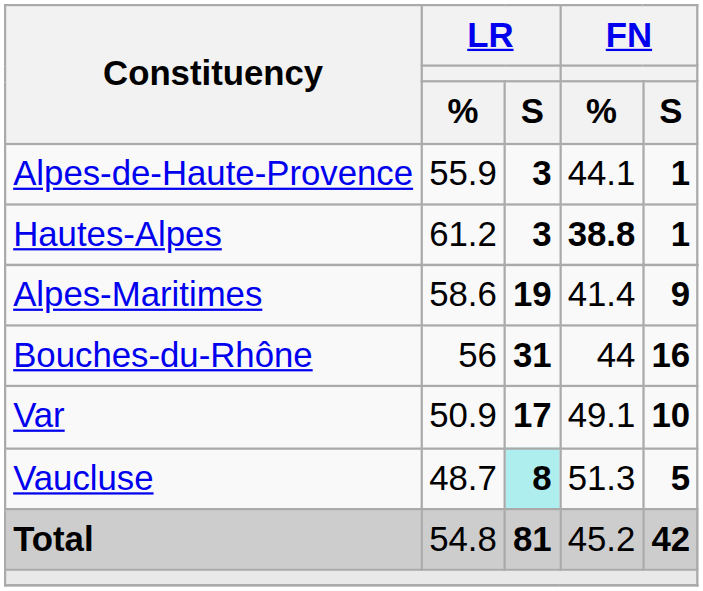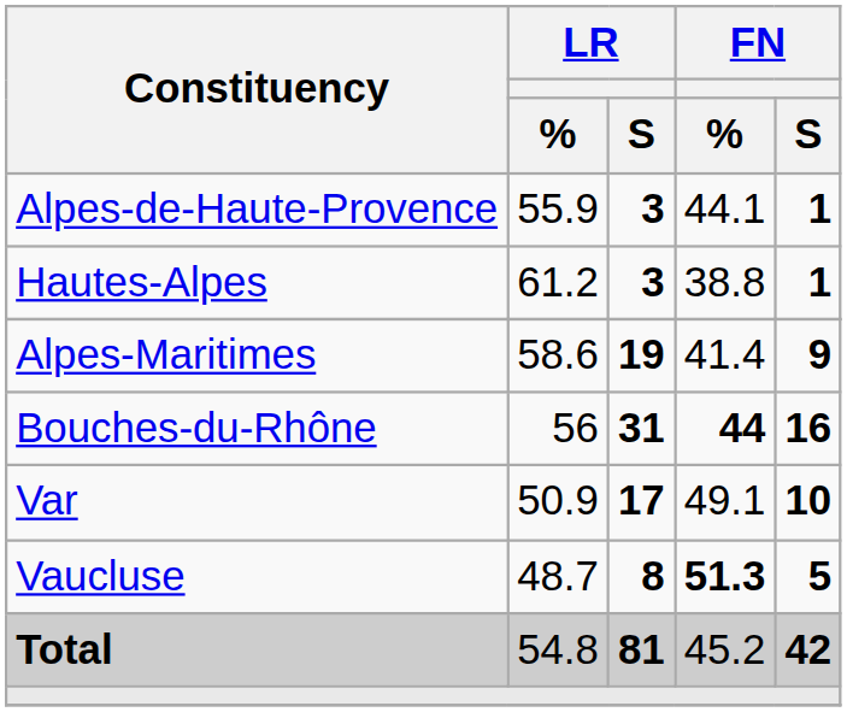 <table class="wikitable sortable" style="text-align:right; font-size:97%; line-height:20px;">
 <tr>
 <th rowspan="3">Constituency</th>
 <th colspan="2" width="30px" class="unsortable"><a href='#'>LR</a></th>
 <th colspan="2" width="30px" class="unsortable"><a href='#'>FN</a></th>
 </tr>
 <tr>
 <th colspan="2" style="background:"></th>
 <th colspan="2" style="background:"></th>
 </tr>
 <tr>
 <th data-sort-type="number">%</th>
 <th data-sort-type="number">S</th>
 <th data-sort-type="number">%</th>
 <th data-sort-type="number">S</th>
 </tr>
 <tr>
 <td align="left"><a href='#'>Alpes-de-Haute-Provence</a></td>
 <td style="background:">55.9</td>
 <td><strong>3</strong></td>
 <td>44.1</td>
 <td><strong>1</strong></td>
 </tr>
 <tr>
 <td align="left"><a href='#'>Hautes-Alpes</a></td>
 <td style="background:">61.2</td>
 <td><strong>3</strong></td>
-<td><strong>38.8</strong></td>
+<td>38.8</td>
 <td><strong>1</strong></td>
 </tr>
 <tr>
 </tr>
 <tr>
 <td align="left"><a href='#'>Alpes-Maritimes</a></td>
 <td style="background:">58.6</td>
 <td><strong>19</strong></td>
 <td>41.4</td>
 <td><strong>9</strong></td>
 </tr>
 <tr>
 <td align="left"><a href='#'>Bouches-du-Rhône</a></td>
 <td style="background:">56</td>
 <td><strong>31</strong></td>
-<td>44</td>
+<td><strong>44</strong></td>
 <td><strong>16</strong></td>
 </tr>
 <tr>
 <td align="left"><a href='#'>Var</a></td>
 <td style="background:">50.9</td>
 <td><strong>17</strong></td>
 <td>49.1</td>
 <td><strong>10</strong></td>
 </tr>
 <tr>
 <td align="left"><a href='#'>Vaucluse</a></td>
 <td>48.7</td>
-<td style="background: paleturquoise;"><strong>8</strong></td>
-<td style="background:">51.3</td>
+<td><strong>8</strong></td>
+<td style="background:"><strong>51.3</strong></td>
 <td><strong>5</strong></td>
 </tr>
 <tr style="background:#CDCDCD;">
 <td align="left"><strong>Total</strong></td>
 <td style="background:">54.8</td>
 <td><strong>81</strong></td>
 <td>45.2</td>
 <td><strong>42</strong></td>
 </tr>
 <tr>
 <td colspan="15" bgcolor="#E9E9E9"></td>
 </tr>
 <tr class="expand-child">
 </tr>
 </table>
